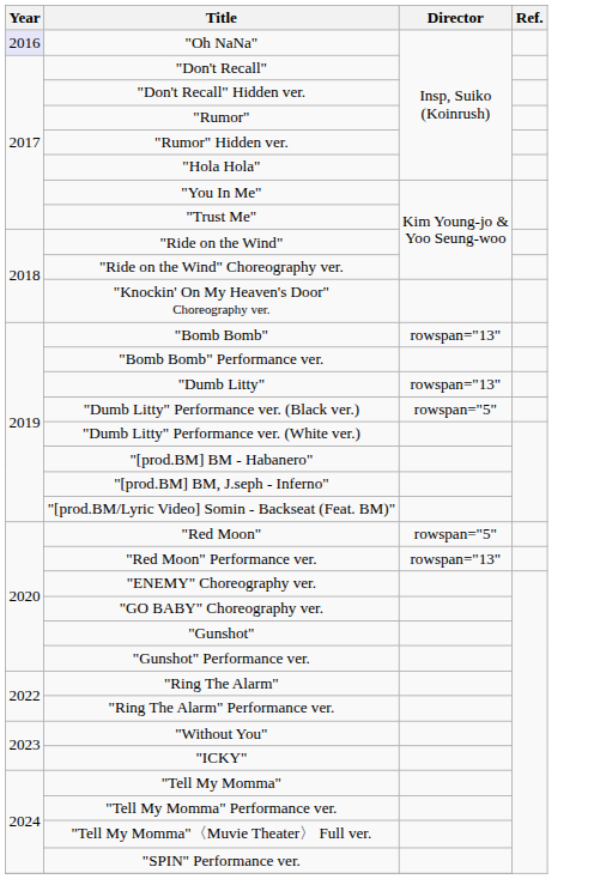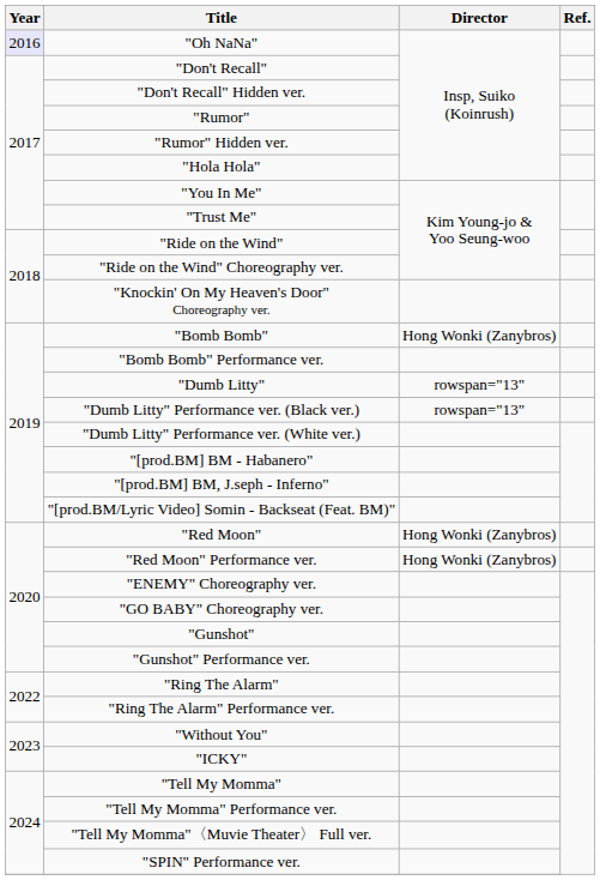 <table class="wikitable" style="text-align:center;">
 <tr>
 <th>Year</th>
 <th>Title</th>
 <th>Director</th>
 <th>Ref.</th>
 </tr>
 <tr>
 <td style="background: lavender;">2016</td>
 <td>"Oh NaNa"</td>
 <td rowspan="6">Insp, Suiko<br> (Koinrush)</td>
 <td></td>
 </tr>
 <tr>
 <td rowspan="7">2017</td>
 <td>"Don't Recall"</td>
 <td></td>
 </tr>
 <tr>
 <td>"Don't Recall" Hidden ver.</td>
 <td></td>
 </tr>
 <tr>
 <td>"Rumor"</td>
 <td></td>
 </tr>
 <tr>
 <td>"Rumor" Hidden ver.</td>
 <td></td>
 </tr>
 <tr>
 <td>"Hola Hola"</td>
 <td></td>
 </tr>
 <tr>
 <td>"You In Me"</td>
 <td rowspan="4">Kim Young-jo & <br> Yoo Seung-woo</td>
 <td rowspan="2"></td>
 </tr>
 <tr>
 <td>"Trust Me"</td>
 </tr>
 <tr>
 <td rowspan="3">2018</td>
 <td>"Ride on the Wind"</td>
 <td></td>
 </tr>
 <tr>
 <td>"Ride on the Wind" Choreography ver.</td>
 <td></td>
 </tr>
 <tr>
 <td>"Knockin' On My Heaven's Door" <br><small>Choreography ver.</small></td>
 <td></td>
 <td></td>
 </tr>
 <tr>
 <td rowspan="8">2019</td>
 <td>"Bomb Bomb"</td>
-<td>rowspan="13"  </td>
+<td>Hong Wonki (Zanybros)</td>
 <td></td>
 </tr>
 <tr>
 <td>"Bomb Bomb" Performance ver.</td>
 <td></td>
 <td></td>
 </tr>
 <tr>
 <td>"Dumb Litty"</td>
 <td>rowspan="13"  </td>
 <td></td>
 </tr>
 <tr>
 <td>"Dumb Litty" Performance ver. (Black ver.)</td>
-<td>rowspan="5" </td>
+<td>rowspan="13"  </td>
 <td></td>
 </tr>
 <tr>
 <td>"Dumb Litty" Performance ver. (White ver.)</td>
 <td></td>
 </tr>
 <tr>
 <td>"[prod.BM] BM - Habanero"</td>
 <td></td>
 </tr>
 <tr>
 <td>"[prod.BM] BM, J.seph - Inferno"</td>
 <td></td>
 </tr>
 <tr>
 <td>"[prod.BM/Lyric Video] Somin - Backseat (Feat. BM)"</td>
 <td></td>
 </tr>
 <tr>
 <td rowspan="6">2020</td>
 <td>"Red Moon"</td>
-<td>rowspan="5" </td>
+<td>Hong Wonki (Zanybros)</td>
 <td></td>
 </tr>
 <tr>
 <td>"Red Moon" Performance ver.</td>
-<td>rowspan="13"  </td>
+<td>Hong Wonki (Zanybros)</td>
 <td></td>
 </tr>
 <tr>
 <td>"ENEMY" Choreography ver.</td>
 <td></td>
 </tr>
 <tr>
 <td>"GO BABY" Choreography ver.</td>
 <td></td>
 </tr>
 <tr>
 <td>"Gunshot"</td>
 <td></td>
 </tr>
 <tr>
 <td>"Gunshot" Performance ver.</td>
 <td></td>
 </tr>
 <tr>
 <td rowspan="2">2022</td>
 <td>"Ring The Alarm"</td>
 <td></td>
 </tr>
 <tr>
 <td>"Ring The Alarm" Performance ver.</td>
 <td></td>
 </tr>
 <tr>
 <td rowspan="2">2023</td>
 <td>"Without You"</td>
 <td></td>
 </tr>
 <tr>
 <td>"ICKY"</td>
 <td></td>
 </tr>
 <tr>
 <td rowspan="4">2024</td>
 <td>"Tell My Momma"</td>
 <td></td>
 </tr>
 <tr>
 <td>"Tell My Momma" Performance ver.</td>
 <td></td>
 </tr>
 <tr>
 <td>"Tell My Momma"〈Muvie Theater〉 Full ver.</td>
 <td></td>
 </tr>
 <tr>
 <td>"SPIN" Performance ver.</td>
 <td></td>
 </tr>
 <tr>
 </tr>
 </table>
